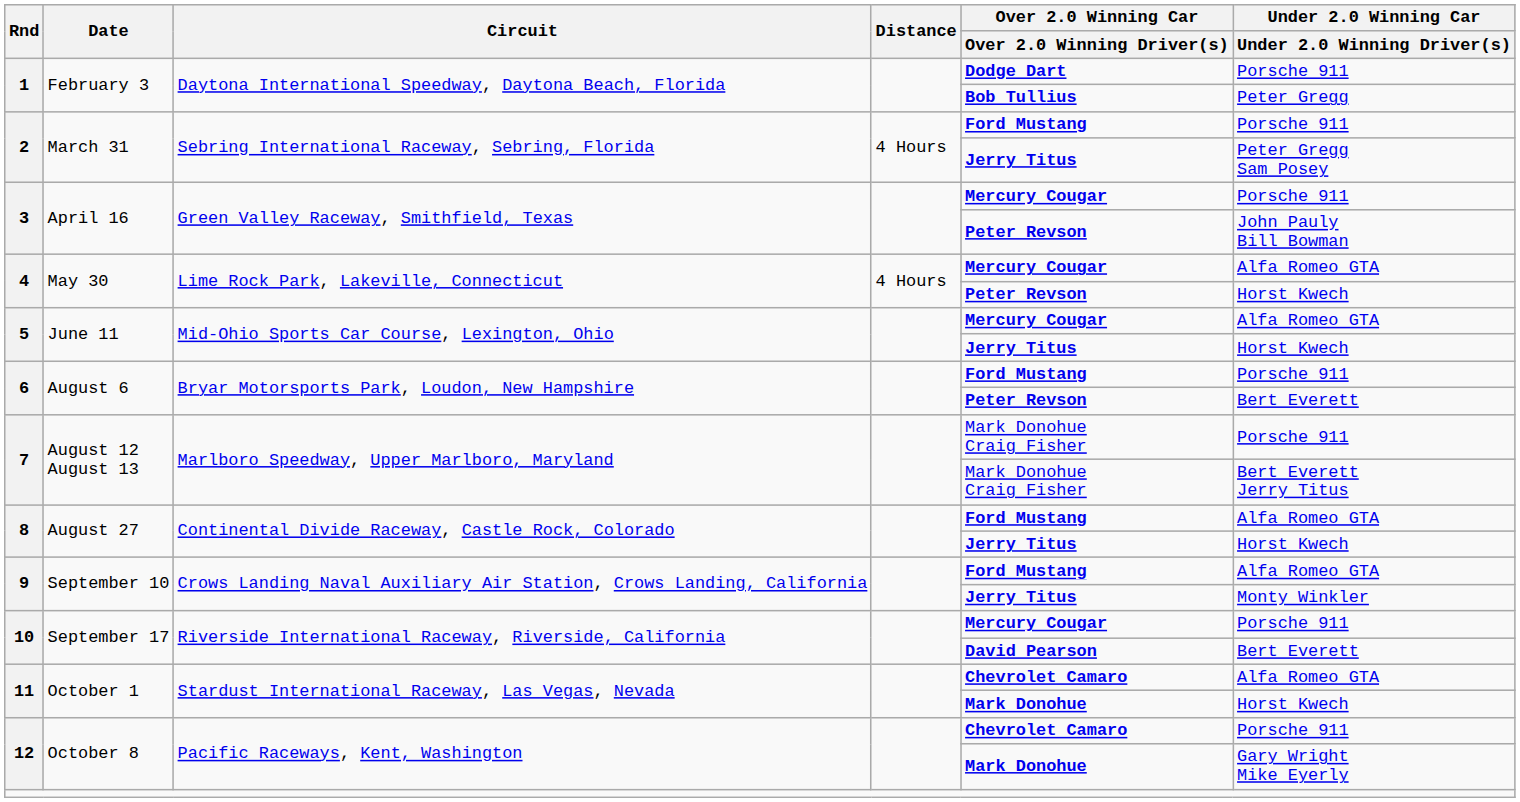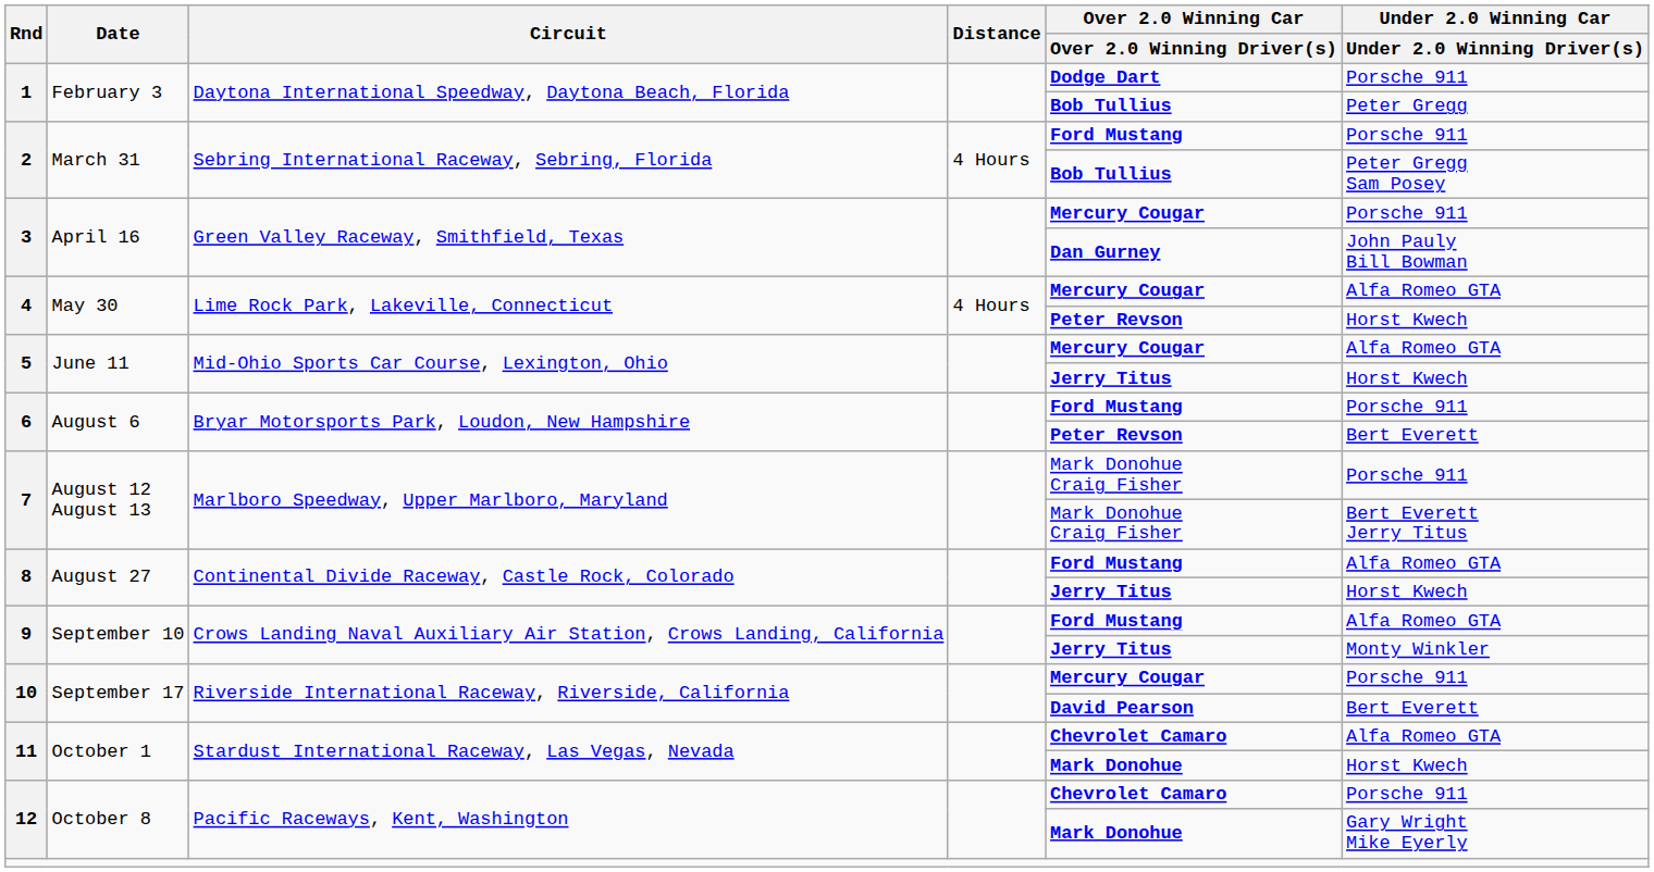 <table class="wikitable" style="font-size: 85%">
 <tr>
 <th rowspan=2>Rnd</th>
 <th rowspan=2>Date</th>
 <th rowspan=2>Circuit</th>
 <th rowspan=2>Distance</th>
 <th>Over 2.0 Winning Car</th>
 <th>Under 2.0 Winning Car</th>
 </tr>
 <tr>
 <th>Over 2.0 Winning Driver(s)</th>
 <th>Under 2.0 Winning Driver(s)</th>
 </tr>
 <tr>
 <th rowspan=2>1</th>
 <td rowspan=2>February 3</td>
 <td rowspan=2><a href='#'>Daytona International Speedway</a>, <a href='#'>Daytona Beach, Florida</a></td>
 <td rowspan=2></td>
 <td><strong><a href='#'>Dodge Dart</a></strong></td>
 <td><a href='#'>Porsche 911</a></td>
 </tr>
 <tr>
 <td><strong> <a href='#'>Bob Tullius</a></strong></td>
 <td> <a href='#'>Peter Gregg</a></td>
 </tr>
 <tr>
 <th rowspan=2>2</th>
 <td rowspan=2>March 31</td>
 <td rowspan=2><a href='#'>Sebring International Raceway</a>, <a href='#'>Sebring, Florida</a></td>
 <td rowspan=2>4 Hours<br></td>
 <td><strong><a href='#'>Ford Mustang</a></strong></td>
 <td><a href='#'>Porsche 911</a></td>
 </tr>
 <tr>
-<td><strong> <a href='#'>Jerry Titus</a></strong></td>
+<td><strong> <a href='#'>Bob Tullius</a></strong></td>
 <td> <a href='#'>Peter Gregg</a><br> <a href='#'>Sam Posey</a></td>
 </tr>
 <tr>
 <th rowspan=2>3</th>
 <td rowspan=2>April 16</td>
 <td rowspan=2><a href='#'>Green Valley Raceway</a>, <a href='#'>Smithfield, Texas</a></td>
 <td rowspan=2></td>
 <td><strong><a href='#'>Mercury Cougar</a></strong></td>
 <td><a href='#'>Porsche 911</a></td>
 </tr>
 <tr>
-<td><strong> <a href='#'>Peter Revson</a></strong></td>
+<td><strong> <a href='#'>Dan Gurney</a></strong></td>
 <td> <a href='#'>John Pauly</a><br> <a href='#'>Bill Bowman</a></td>
 </tr>
 <tr>
 <th rowspan=2>4</th>
 <td rowspan=2>May 30</td>
 <td rowspan=2><a href='#'>Lime Rock Park</a>, <a href='#'>Lakeville, Connecticut</a></td>
 <td rowspan=2>4 Hours<br></td>
 <td><strong><a href='#'>Mercury Cougar</a></strong></td>
 <td><a href='#'>Alfa Romeo GTA</a></td>
 </tr>
 <tr>
 <td><strong> <a href='#'>Peter Revson</a></strong></td>
 <td> <a href='#'>Horst Kwech</a></td>
 </tr>
 <tr>
 <th rowspan=2>5</th>
 <td rowspan=2>June 11</td>
 <td rowspan=2><a href='#'>Mid-Ohio Sports Car Course</a>, <a href='#'>Lexington, Ohio</a></td>
 <td rowspan=2></td>
 <td><strong><a href='#'>Mercury Cougar</a></strong></td>
 <td><a href='#'>Alfa Romeo GTA</a></td>
 </tr>
 <tr>
 <td><strong> <a href='#'>Jerry Titus</a></strong></td>
 <td> <a href='#'>Horst Kwech</a></td>
 </tr>
 <tr>
 <th rowspan=2>6</th>
 <td rowspan=2>August 6</td>
 <td rowspan=2><a href='#'>Bryar Motorsports Park</a>, <a href='#'>Loudon, New Hampshire</a></td>
 <td rowspan=2></td>
 <td><strong><a href='#'>Ford Mustang</a></strong></td>
 <td><a href='#'>Porsche 911</a></td>
 </tr>
 <tr>
 <td><strong> <a href='#'>Peter Revson</a></strong></td>
 <td> <a href='#'>Bert Everett</a></td>
 </tr>
 <tr>
 <th rowspan=2>7</th>
 <td rowspan=2>August 12<br>August 13</td>
 <td rowspan=2><a href='#'>Marlboro Speedway</a>, <a href='#'>Upper Marlboro, Maryland</a></td>
 <td rowspan=2><br></td>
 <td> <a href='#'>Mark Donohue</a><br> <a href='#'>Craig Fisher</a></td>
 <td><a href='#'>Porsche 911</a></td>
 </tr>
 <tr>
 <td> <a href='#'>Mark Donohue</a><br> <a href='#'>Craig Fisher</a></td>
 <td> <a href='#'>Bert Everett</a><br> <a href='#'>Jerry Titus</a></td>
 </tr>
 <tr>
 <th rowspan=2>8</th>
 <td rowspan=2>August 27</td>
 <td rowspan=2><a href='#'>Continental Divide Raceway</a>, <a href='#'>Castle Rock, Colorado</a></td>
 <td rowspan=2></td>
 <td><strong><a href='#'>Ford Mustang</a></strong></td>
 <td><a href='#'>Alfa Romeo GTA</a></td>
 </tr>
 <tr>
 <td><strong> <a href='#'>Jerry Titus</a></strong></td>
 <td> <a href='#'>Horst Kwech</a></td>
 </tr>
 <tr>
 <th rowspan=2>9</th>
 <td rowspan=2>September 10</td>
 <td rowspan=2><a href='#'>Crows Landing Naval Auxiliary Air Station</a>, <a href='#'>Crows Landing, California</a></td>
 <td rowspan=2></td>
 <td><strong><a href='#'>Ford Mustang</a></strong></td>
 <td><a href='#'>Alfa Romeo GTA</a></td>
 </tr>
 <tr>
 <td><strong> <a href='#'>Jerry Titus</a></strong></td>
 <td> <a href='#'>Monty Winkler</a></td>
 </tr>
 <tr>
 <th rowspan=2>10</th>
 <td rowspan=2>September 17</td>
 <td rowspan=2><a href='#'>Riverside International Raceway</a>, <a href='#'>Riverside, California</a></td>
 <td rowspan=2></td>
 <td><strong><a href='#'>Mercury Cougar</a></strong></td>
 <td><a href='#'>Porsche 911</a></td>
 </tr>
 <tr>
 <td><strong> <a href='#'>David Pearson</a></strong></td>
 <td> <a href='#'>Bert Everett</a></td>
 </tr>
 <tr>
 <th rowspan=2>11</th>
 <td rowspan=2>October 1</td>
 <td rowspan=2><a href='#'>Stardust International Raceway</a>, <a href='#'>Las Vegas</a>, <a href='#'>Nevada</a></td>
 <td rowspan=2></td>
 <td><strong><a href='#'>Chevrolet Camaro</a></strong></td>
 <td><a href='#'>Alfa Romeo GTA</a></td>
 </tr>
 <tr>
 <td><strong> <a href='#'>Mark Donohue</a></strong></td>
 <td> <a href='#'>Horst Kwech</a></td>
 </tr>
 <tr>
 <th rowspan=2>12</th>
 <td rowspan=2>October 8</td>
 <td rowspan=2><a href='#'>Pacific Raceways</a>, <a href='#'>Kent, Washington</a></td>
 <td rowspan=2></td>
 <td><strong><a href='#'>Chevrolet Camaro</a></strong></td>
 <td><a href='#'>Porsche 911</a></td>
 </tr>
 <tr>
 <td><strong> <a href='#'>Mark Donohue</a></strong></td>
 <td> <a href='#'>Gary Wright</a><br> <a href='#'>Mike Eyerly</a></td>
 </tr>
 <tr>
 <td style="text-align:center;" colspan=6></td>
 </tr>
 </table>
